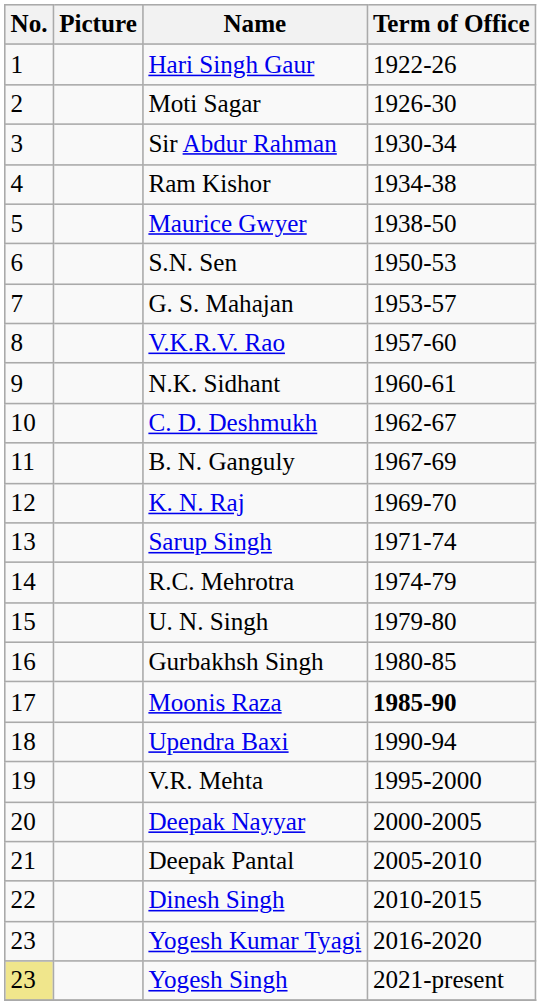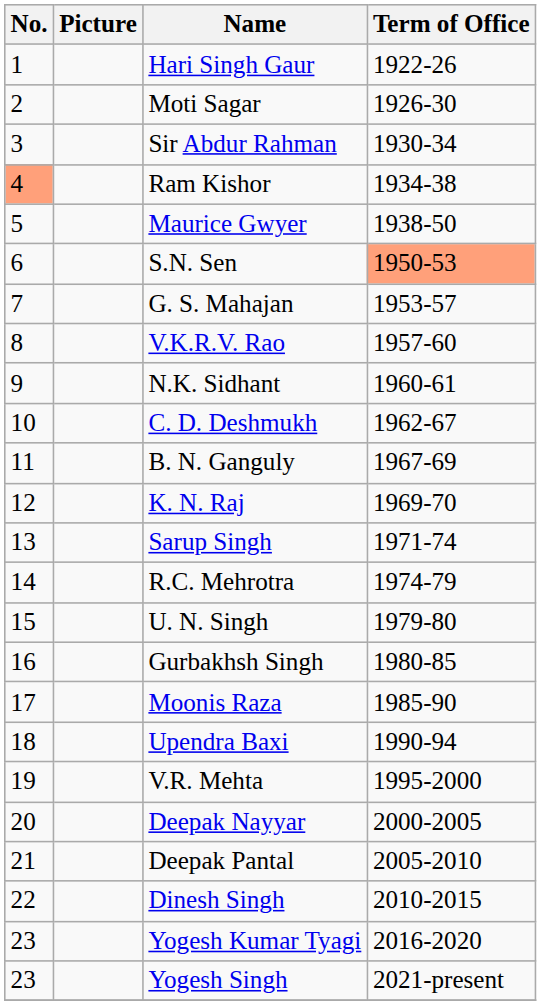 <table class="wikitable">
 <tr>
 <th>No.</th>
 <th>Picture</th>
 <th>Name</th>
 <th>Term of Office</th>
 </tr>
 <tr>
 <td>1</td>
 <td></td>
 <td><a href='#'>Hari Singh Gaur</a></td>
 <td>1922-26</td>
 </tr>
 <tr>
 <td>2</td>
 <td></td>
 <td>Moti Sagar</td>
 <td>1926-30</td>
 </tr>
 <tr>
 <td>3</td>
 <td></td>
 <td>Sir <a href='#'>Abdur Rahman</a></td>
 <td>1930-34</td>
 </tr>
 <tr>
-<td>4</td>
+<td style="background: lightsalmon;">4</td>
 <td></td>
 <td>Ram Kishor</td>
 <td>1934-38</td>
 </tr>
 <tr>
 <td>5</td>
 <td></td>
 <td><a href='#'>Maurice Gwyer</a></td>
 <td>1938-50</td>
 </tr>
 <tr>
 <td>6</td>
 <td></td>
 <td>S.N. Sen</td>
-<td>1950-53</td>
+<td style="background: lightsalmon;">1950-53</td>
 </tr>
 <tr>
 <td>7</td>
 <td></td>
 <td>G. S. Mahajan</td>
 <td>1953-57</td>
 </tr>
 <tr>
 <td>8</td>
 <td></td>
 <td><a href='#'>V.K.R.V. Rao</a></td>
 <td>1957-60</td>
 </tr>
 <tr>
 <td>9</td>
 <td></td>
 <td>N.K. Sidhant</td>
 <td>1960-61</td>
 </tr>
 <tr>
 <td>10</td>
 <td></td>
 <td><a href='#'>C. D. Deshmukh</a></td>
 <td>1962-67</td>
 </tr>
 <tr>
 <td>11</td>
 <td></td>
 <td>B. N. Ganguly</td>
 <td>1967-69</td>
 </tr>
 <tr>
 <td>12</td>
 <td></td>
 <td><a href='#'>K. N. Raj</a></td>
 <td>1969-70</td>
 </tr>
 <tr>
 <td>13</td>
 <td></td>
 <td><a href='#'>Sarup Singh</a></td>
 <td>1971-74</td>
 </tr>
 <tr>
 <td>14</td>
 <td></td>
 <td>R.C. Mehrotra</td>
 <td>1974-79</td>
 </tr>
 <tr>
 <td>15</td>
 <td></td>
 <td>U. N. Singh</td>
 <td>1979-80</td>
 </tr>
 <tr>
 <td>16</td>
 <td></td>
 <td>Gurbakhsh Singh</td>
 <td>1980-85</td>
 </tr>
 <tr>
 <td>17</td>
 <td></td>
 <td><a href='#'>Moonis Raza</a></td>
-<td><strong>1985-90</strong></td>
+<td>1985-90</td>
 </tr>
 <tr>
 <td>18</td>
 <td></td>
 <td><a href='#'>Upendra Baxi</a></td>
 <td>1990-94</td>
 </tr>
 <tr>
 <td>19</td>
 <td></td>
 <td>V.R. Mehta</td>
 <td>1995-2000</td>
 </tr>
 <tr>
 <td>20</td>
 <td></td>
 <td><a href='#'>Deepak Nayyar</a></td>
 <td>2000-2005</td>
 </tr>
 <tr>
 <td>21</td>
 <td></td>
 <td>Deepak Pantal</td>
 <td>2005-2010</td>
 </tr>
 <tr>
 <td>22</td>
 <td></td>
 <td><a href='#'>Dinesh Singh</a></td>
 <td>2010-2015</td>
 </tr>
 <tr>
 <td>23</td>
 <td></td>
 <td><a href='#'>Yogesh Kumar Tyagi</a></td>
 <td>2016-2020</td>
 </tr>
 <tr>
-<td style="background: khaki;">23</td>
+<td>23</td>
 <td></td>
 <td><a href='#'>Yogesh Singh</a></td>
 <td>2021-present</td>
 </tr>
 <tr>
 </tr>
 </table>
